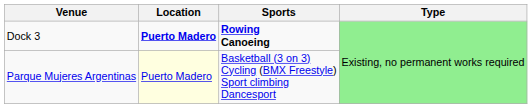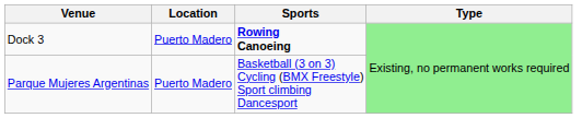 <table class="wikitable sortable">
 <tr>
 <th>Venue</th>
 <th>Location</th>
 <th>Sports</th>
 <th>Type</th>
 </tr>
 <tr>
 <td>Dock 3</td>
-<td><strong><a href='#'>Puerto Madero</a></strong></td>
+<td><a href='#'>Puerto Madero</a></td>
 <td><strong><a href='#'>Rowing</a><br>Canoeing</strong></td>
 <td style="background:#90ee90;" rowspan=2>Existing, no permanent works required</td>
 </tr>
 <tr>
 <td><a href='#'>Parque Mujeres Argentinas</a></td>
-<td style="background: lightyellow;"><a href='#'>Puerto Madero</a></td>
+<td><a href='#'>Puerto Madero</a></td>
 <td><a href='#'>Basketball (3 on 3)</a><br><a href='#'>Cycling</a> (<a href='#'>BMX Freestyle</a>)<br><a href='#'>Sport climbing</a><br><a href='#'>Dancesport</a></td>
 </tr>
 </table>
